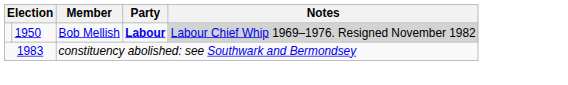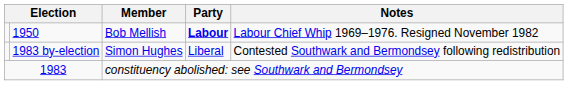 <table class="wikitable">
 <tr>
 <th colspan="2">Election</th>
 <th>Member</th>
 <th>Party</th>
 <th>Notes</th>
 </tr>
 <tr>
 <td style="color:inherit;background-color: "></td>
 <td><a href='#'>1950</a></td>
 <td><a href='#'>Bob Mellish</a></td>
 <td><strong><a href='#'>Labour</a></strong></td>
-<td style="background: lightgrey;"><a href='#'>Labour Chief Whip</a> 1969–1976. Resigned November 1982</td>
+<td><a href='#'>Labour Chief Whip</a> 1969–1976. Resigned November 1982</td>
+</tr>
+<tr>
+<td style="color:inherit;background-color: "></td>
+<td><a href='#'>1983 by-election</a></td>
+<td><a href='#'>Simon Hughes</a></td>
+<td><a href='#'>Liberal</a></td>
+<td>Contested <a href='#'>Southwark and Bermondsey</a> following redistribution</td>
 </tr>
 <tr>
 <td colspan="2" align="center"><a href='#'>1983</a></td>
 <td colspan="3"><em>constituency abolished: see <a href='#'>Southwark and Bermondsey</a></em></td>
 </tr>
 </table>
